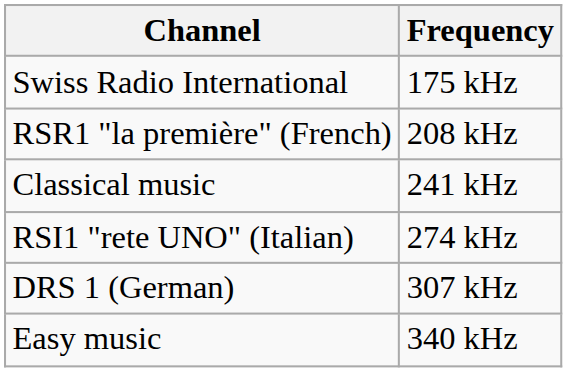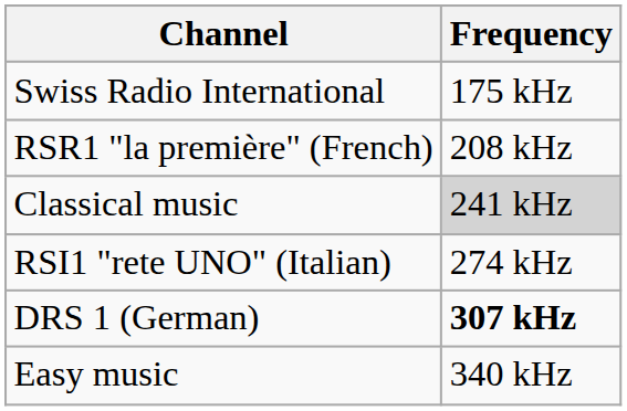 <table class="wikitable">
 <tr>
 <th>Channel</th>
 <th>Frequency</th>
 </tr>
 <tr>
 <td>Swiss Radio International</td>
 <td>175 kHz</td>
 </tr>
 <tr>
 <td>RSR1 "la première" (French)</td>
 <td>208 kHz</td>
 </tr>
 <tr>
 <td>Classical music</td>
-<td>241 kHz</td>
+<td style="background: lightgrey;">241 kHz</td>
 </tr>
 <tr>
 <td>RSI1 "rete UNO" (Italian)</td>
 <td>274 kHz</td>
 </tr>
 <tr>
 <td>DRS 1 (German)</td>
-<td>307 kHz</td>
+<td><strong>307 kHz</strong></td>
 </tr>
 <tr>
 <td>Easy music</td>
 <td>340 kHz</td>
 </tr>
 </table>
